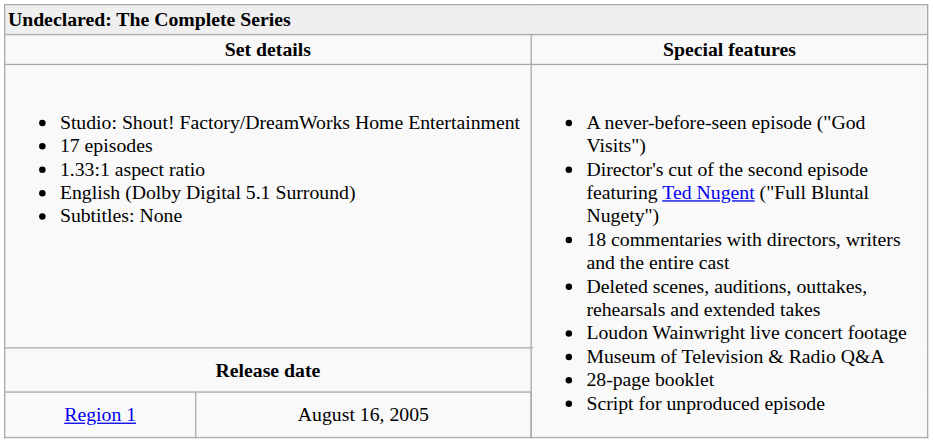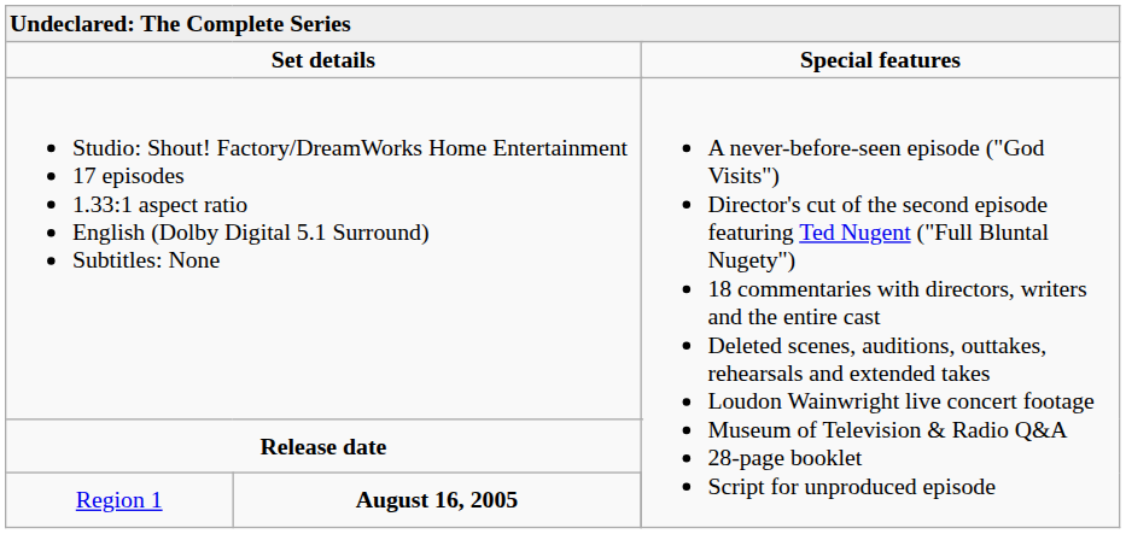 <table border="2" cellpadding="2" cellspacing="0" style="margin: 0 1em 0 0; background: #f9f9f9; border: 1px #aaa solid; border-collapse: collapse; font-size: 95%;">
 <tr style="background:#EFEFEF">
 <td colspan="6"><strong>Undeclared: The Complete Series</strong></td>
 </tr>
 <tr style="vertical-align:top; text-align:center; text-align:center;">
 <td style="width:400px;" colspan="3"><strong>Set details</strong></td>
 <td style="width:300px; "><strong>Special features</strong></td>
 </tr>
 <tr valign="top">
 <td colspan="3" style="text-align:left; width:400px;"><br><ul><li>Studio: Shout! Factory/DreamWorks Home Entertainment</li><li>17 episodes</li><li>1.33:1 aspect ratio</li><li>English (Dolby Digital 5.1 Surround)</li><li>Subtitles: None</li></ul></td>
 <td rowspan="3" style="text-align:left; width:300px;"><br><ul><li>A never-before-seen episode ("God Visits")</li><li>Director's cut of the second episode featuring <a href='#'>Ted Nugent</a> ("Full Bluntal Nugety")</li><li>18 commentaries with directors, writers and the entire cast</li><li>Deleted scenes, auditions, outtakes, rehearsals and extended takes</li><li>Loudon Wainwright live concert footage</li><li>Museum of Television & Radio Q&A</li><li>28-page booklet</li><li>Script for unproduced episode</li></ul></td>
 </tr>
 <tr>
 <td style="text-align:center;" colspan="3"><strong>Release date</strong></td>
 </tr>
 <tr style="text-align:center;">
 <td><a href='#'>Region 1</a></td>
-<td>August 16, 2005</td>
+<td><strong>August 16, 2005</strong></td>
 </tr>
 </table>
